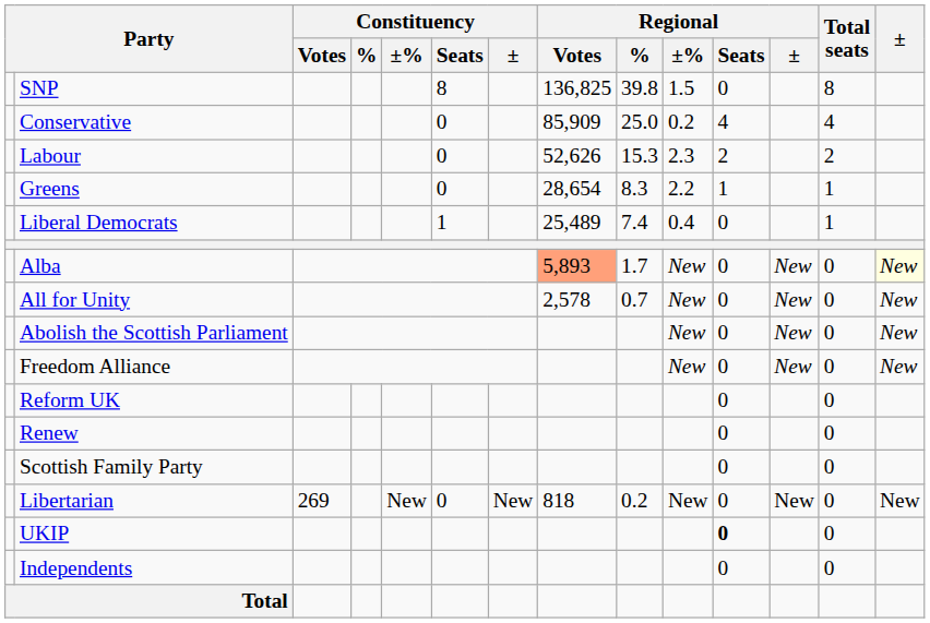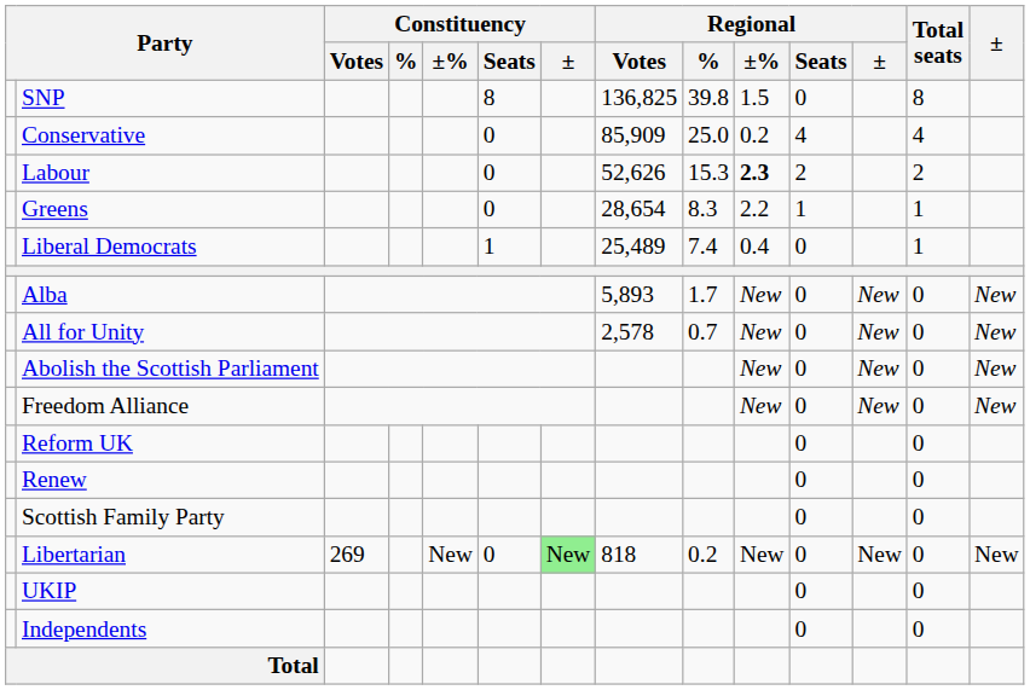 <table class="wikitable sortable">
 <tr>
 <th colspan="2" rowspan="2">Party</th>
 <th colspan="5">Constituency</th>
 <th colspan="5">Regional</th>
 <th rowspan="2">Total<br>seats</th>
 <th rowspan="2">±</th>
 </tr>
 <tr>
 <th>Votes</th>
 <th>%</th>
 <th>±%</th>
 <th>Seats</th>
 <th>±</th>
 <th>Votes</th>
 <th>%</th>
 <th>±%</th>
 <th>Seats</th>
 <th>±</th>
 </tr>
 <tr>
 <td style="color:inherit;background:"></td>
 <td><a href='#'>SNP</a></td>
 <td></td>
 <td></td>
 <td></td>
 <td>8</td>
 <td></td>
 <td>136,825</td>
 <td>39.8</td>
 <td>1.5</td>
 <td>0</td>
 <td></td>
 <td>8</td>
 <td></td>
 </tr>
 <tr>
 <td style="color:inherit;background:"></td>
 <td><a href='#'>Conservative</a></td>
 <td></td>
 <td></td>
 <td></td>
 <td>0</td>
 <td></td>
 <td>85,909</td>
 <td>25.0</td>
 <td>0.2</td>
 <td>4</td>
 <td></td>
 <td>4</td>
 <td></td>
 </tr>
 <tr>
 <td style="color:inherit;background:"></td>
 <td><a href='#'>Labour</a></td>
 <td></td>
 <td></td>
 <td></td>
 <td>0</td>
 <td></td>
 <td>52,626</td>
 <td>15.3</td>
-<td>2.3</td>
+<td><strong>2.3</strong></td>
 <td>2</td>
 <td></td>
 <td>2</td>
 <td></td>
 </tr>
 <tr>
 <td style="color:inherit;background:"></td>
 <td><a href='#'>Greens</a></td>
 <td></td>
 <td></td>
 <td></td>
 <td>0</td>
 <td></td>
 <td>28,654</td>
 <td>8.3</td>
 <td>2.2</td>
 <td>1</td>
 <td></td>
 <td>1</td>
 <td></td>
 </tr>
 <tr>
 <td style="color:inherit;background:"></td>
 <td><a href='#'>Liberal Democrats</a></td>
 <td></td>
 <td></td>
 <td></td>
 <td>1</td>
 <td></td>
 <td>25,489</td>
 <td>7.4</td>
 <td>0.4</td>
 <td>0</td>
 <td></td>
 <td>1</td>
 <td></td>
 </tr>
 <tr>
 <th colspan=14></th>
 </tr>
 <tr>
 <td style="color:inherit;background:"></td>
 <td><a href='#'>Alba</a></td>
 <td colspan="5"></td>
-<td style="background: lightsalmon;">5,893</td>
+<td>5,893</td>
 <td>1.7</td>
 <td><em>New</em></td>
 <td>0</td>
 <td><em>New</em></td>
 <td>0</td>
-<td style="background: lightyellow;"><em>New</em></td>
+<td><em>New</em></td>
 </tr>
 <tr>
 <td style="color:inherit;background:"></td>
 <td><a href='#'>All for Unity</a></td>
 <td colspan="5"></td>
 <td>2,578</td>
 <td>0.7</td>
 <td><em>New</em></td>
 <td>0</td>
 <td><em>New</em></td>
 <td>0</td>
 <td><em>New</em></td>
 </tr>
 <tr>
 <td style="color:inherit;background:"></td>
 <td><a href='#'>Abolish the Scottish Parliament</a></td>
 <td colspan="5"></td>
 <td></td>
 <td></td>
 <td><em>New</em></td>
 <td>0</td>
 <td><em>New</em></td>
 <td>0</td>
 <td><em>New</em></td>
 </tr>
 <tr>
 <td style="color:inherit;background:"></td>
 <td>Freedom Alliance</td>
 <td colspan="5"></td>
 <td></td>
 <td></td>
 <td><em>New</em></td>
 <td>0</td>
 <td><em>New</em></td>
 <td>0</td>
 <td><em>New</em></td>
 </tr>
 <tr>
 <td style="color:inherit;background:"></td>
 <td><a href='#'>Reform UK</a></td>
 <td></td>
 <td></td>
 <td></td>
 <td></td>
 <td></td>
 <td></td>
 <td></td>
 <td></td>
 <td>0</td>
 <td></td>
 <td>0</td>
 <td></td>
 </tr>
 <tr>
 <td style="color:inherit;background:"></td>
 <td><a href='#'>Renew</a></td>
 <td></td>
 <td></td>
 <td></td>
 <td></td>
 <td></td>
 <td></td>
 <td></td>
 <td></td>
 <td>0</td>
 <td></td>
 <td>0</td>
 <td></td>
 </tr>
 <tr>
 <td style="color:inherit;background:"></td>
 <td>Scottish Family Party</td>
 <td></td>
 <td></td>
 <td></td>
 <td></td>
 <td></td>
 <td></td>
 <td></td>
 <td></td>
 <td>0</td>
 <td></td>
 <td>0</td>
 <td></td>
 </tr>
 <tr>
 <td style="color:inherit;background:"></td>
 <td><a href='#'>Libertarian</a></td>
 <td>269</td>
 <td></td>
 <td>New</td>
 <td>0</td>
-<td>New</td>
+<td style="background: lightgreen;">New</td>
 <td>818</td>
 <td>0.2</td>
 <td>New</td>
 <td>0</td>
 <td>New</td>
 <td>0</td>
 <td>New</td>
 </tr>
 <tr>
 <td style="color:inherit;background:"></td>
 <td><a href='#'>UKIP</a></td>
 <td></td>
 <td></td>
 <td></td>
 <td></td>
 <td></td>
 <td></td>
 <td></td>
 <td></td>
-<td><strong>0</strong></td>
+<td>0</td>
 <td></td>
 <td>0</td>
 <td></td>
 </tr>
 <tr>
 <td style="color:inherit;background:"></td>
 <td><a href='#'>Independents</a></td>
 <td></td>
 <td></td>
 <td></td>
 <td></td>
 <td></td>
 <td></td>
 <td></td>
 <td></td>
 <td>0</td>
 <td></td>
 <td>0</td>
 <td></td>
 </tr>
 <tr class="sortbottom">
 <th colspan="2" style="text-align:right;"><strong>Total</strong></th>
 <td></td>
 <td></td>
 <td></td>
 <td></td>
 <td></td>
 <td></td>
 <td></td>
 <td></td>
 <td></td>
 <td></td>
 <td></td>
 <td></td>
 </tr>
 </table>
